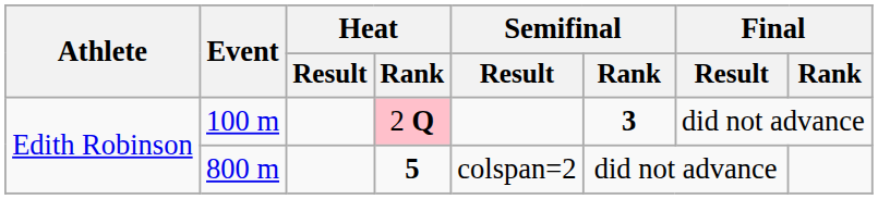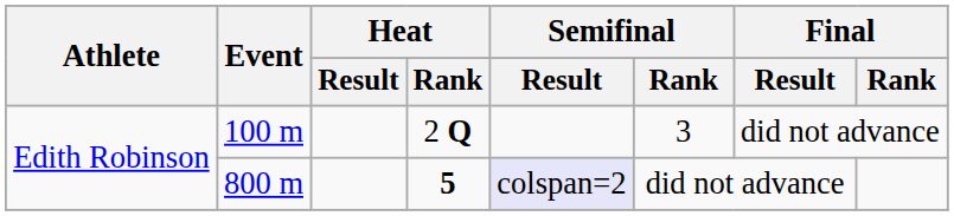 <table class="wikitable" style="font-size:90%">
 <tr>
 <th rowspan=2>Athlete</th>
 <th rowspan=2>Event</th>
 <th colspan=2>Heat</th>
 <th colspan=2>Semifinal</th>
 <th colspan=2>Final</th>
 </tr>
 <tr style="font-size:95%">
 <th>Result</th>
 <th>Rank</th>
 <th>Result</th>
 <th>Rank</th>
 <th>Result</th>
 <th>Rank</th>
 </tr>
 <tr align=center>
 <td align=left rowspan=2><a href='#'>Edith Robinson</a></td>
 <td align=left><a href='#'>100 m</a></td>
 <td></td>
-<td style="background: pink;">2 <strong>Q</strong></td>
+<td>2 <strong>Q</strong></td>
 <td></td>
-<td><strong>3</strong></td>
+<td>3</td>
 <td colspan=2>did not advance</td>
 </tr>
 <tr align=center>
 <td align=left><a href='#'>800 m</a></td>
 <td></td>
 <td><strong>5</strong></td>
-<td>colspan=2 </td>
+<td style="background: lavender;">colspan=2 </td>
 <td colspan=2>did not advance</td>
 </tr>
 </table>
